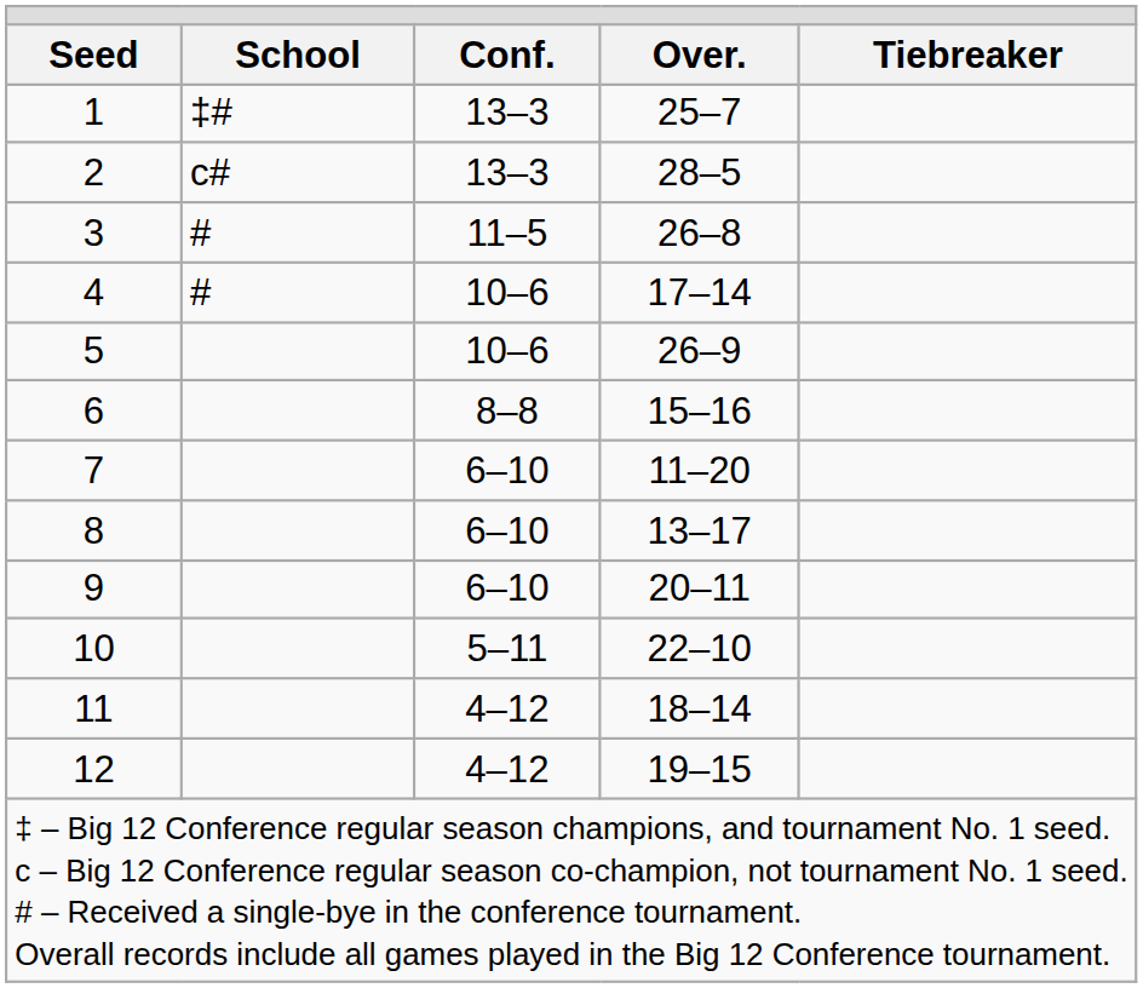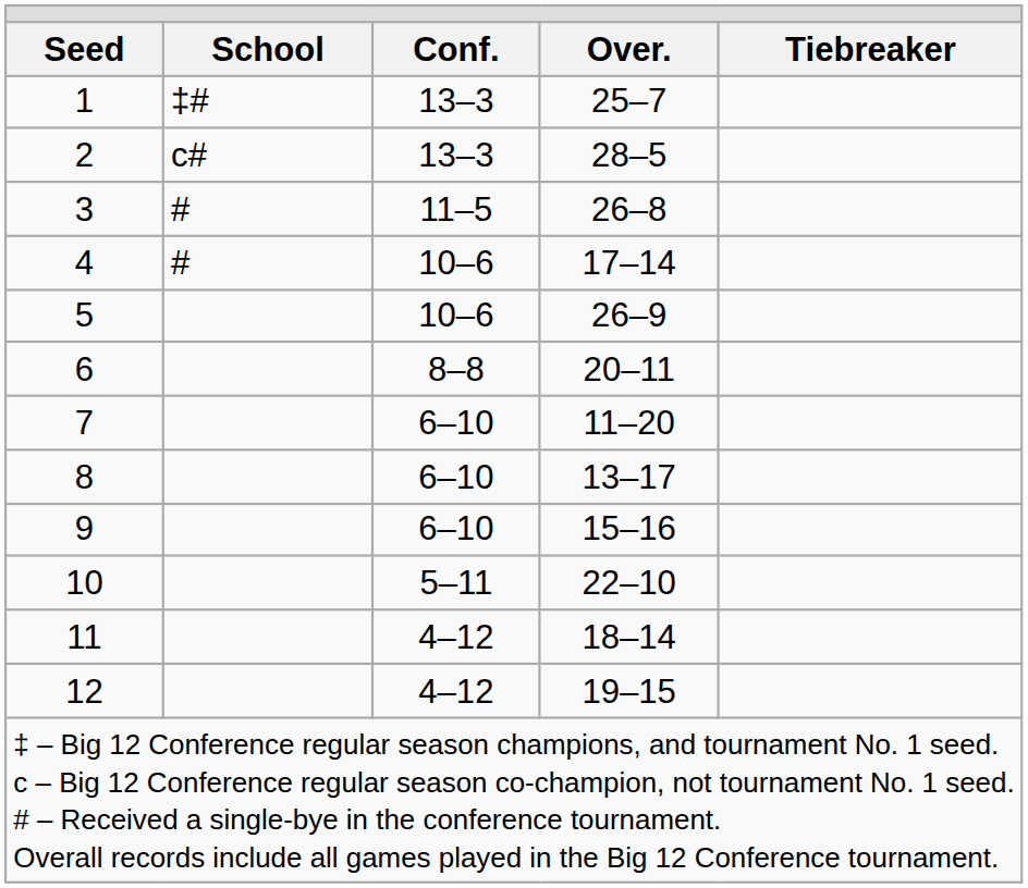 <table class="wikitable" style="white-space:nowrap; font-size:90%;text-align:center">
 <tr>
 <td colspan="10" style="text-align:center; background:#DDDDDD; font:#000000"><strong></strong></td>
 </tr>
 <tr bgcolor="#efefef">
 <th>Seed</th>
 <th>School</th>
 <th>Conf.</th>
 <th>Over.</th>
 <th>Tiebreaker</th>
 </tr>
 <tr>
 <td>1</td>
 <td align=left> ‡#</td>
 <td>13–3</td>
 <td>25–7</td>
 <td></td>
 </tr>
 <tr>
 <td>2</td>
 <td align=left> c#</td>
 <td>13–3</td>
 <td>28–5</td>
 <td></td>
 </tr>
 <tr>
 <td>3</td>
 <td align=left> #</td>
 <td>11–5</td>
 <td>26–8</td>
 <td></td>
 </tr>
 <tr>
 <td>4</td>
 <td align=left> #</td>
 <td>10–6</td>
 <td>17–14</td>
 <td></td>
 </tr>
 <tr>
 <td>5</td>
 <td align=left></td>
 <td>10–6</td>
 <td>26–9</td>
 <td></td>
 </tr>
 <tr>
 <td>6</td>
 <td align=left></td>
 <td>8–8</td>
-<td>15–16</td>
+<td>20–11</td>
 <td></td>
 </tr>
 <tr>
 <td>7</td>
 <td align=left></td>
 <td>6–10</td>
 <td>11–20</td>
 <td></td>
 </tr>
 <tr>
 <td>8</td>
 <td align=left></td>
 <td>6–10</td>
 <td>13–17</td>
 <td></td>
 </tr>
 <tr>
 <td>9</td>
 <td align=left></td>
 <td>6–10</td>
-<td>20–11</td>
+<td>15–16</td>
 <td></td>
 </tr>
 <tr>
 <td>10</td>
 <td align=left></td>
 <td>5–11</td>
 <td>22–10</td>
 <td></td>
 </tr>
 <tr>
 <td>11</td>
 <td align=left></td>
 <td>4–12</td>
 <td>18–14</td>
 <td></td>
 </tr>
 <tr>
 <td>12</td>
 <td align=left></td>
 <td>4–12</td>
 <td>19–15</td>
 <td></td>
 </tr>
 <tr>
 <td colspan="10" style="text-align:left;"><small>‡ – Big 12 Conference regular season champions, and tournament No. 1 seed.<br>c – Big 12 Conference regular season co-champion, not tournament No. 1 seed.<br># – Received a single-bye in the conference tournament.<br>Overall records include all games played in the Big 12 Conference tournament.</small></td>
 </tr>
 </table>
